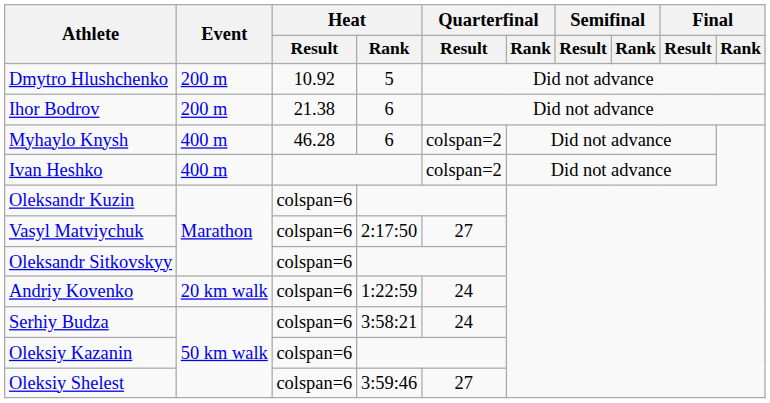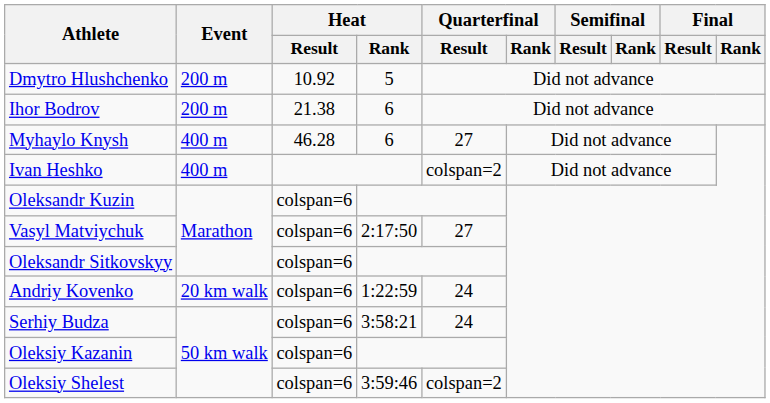 <table class=wikitable style="font-size:90%">
 <tr>
 <th rowspan="2">Athlete</th>
 <th rowspan="2">Event</th>
 <th colspan="2">Heat</th>
 <th colspan="2">Quarterfinal</th>
 <th colspan="2">Semifinal</th>
 <th colspan="2">Final</th>
 </tr>
 <tr style="font-size:95%">
 <th>Result</th>
 <th>Rank</th>
 <th>Result</th>
 <th>Rank</th>
 <th>Result</th>
 <th>Rank</th>
 <th>Result</th>
 <th>Rank</th>
 </tr>
 <tr align=center>
 <td align=left><a href='#'>Dmytro Hlushchenko</a></td>
 <td align=left><a href='#'>200 m</a></td>
 <td>10.92</td>
 <td>5</td>
 <td colspan=6>Did not advance</td>
 </tr>
 <tr align=center>
 <td align=left><a href='#'>Ihor Bodrov</a></td>
 <td align=left><a href='#'>200 m</a></td>
 <td>21.38</td>
 <td>6</td>
 <td colspan=6>Did not advance</td>
 </tr>
 <tr align=center>
 <td align=left><a href='#'>Myhaylo Knysh</a></td>
 <td align=left><a href='#'>400 m</a></td>
 <td>46.28</td>
 <td>6</td>
-<td>colspan=2 </td>
+<td>27</td>
 <td colspan=4>Did not advance</td>
 </tr>
 <tr align=center>
 <td align=left><a href='#'>Ivan Heshko</a></td>
 <td align=left><a href='#'>400 m</a></td>
 <td colspan=2></td>
 <td>colspan=2 </td>
 <td colspan=4>Did not advance</td>
 </tr>
 <tr align=center>
 <td align=left><a href='#'>Oleksandr Kuzin</a></td>
 <td align=left rowspan=3><a href='#'>Marathon</a></td>
 <td>colspan=6 </td>
 <td colspan=2></td>
 </tr>
 <tr align=center>
 <td align=left><a href='#'>Vasyl Matviychuk</a></td>
 <td>colspan=6 </td>
 <td>2:17:50</td>
 <td>27</td>
 </tr>
 <tr align=center>
 <td align=left><a href='#'>Oleksandr Sitkovskyy</a></td>
 <td>colspan=6 </td>
 <td colspan=2></td>
 </tr>
 <tr align=center>
 <td align=left><a href='#'>Andriy Kovenko</a></td>
 <td align=left><a href='#'>20 km walk</a></td>
 <td>colspan=6 </td>
 <td>1:22:59</td>
 <td>24</td>
 </tr>
 <tr align=center>
 <td align=left><a href='#'>Serhiy Budza</a></td>
 <td align=left rowspan=3><a href='#'>50 km walk</a></td>
 <td>colspan=6 </td>
 <td>3:58:21</td>
 <td>24</td>
 </tr>
 <tr align=center>
 <td align=left><a href='#'>Oleksiy Kazanin</a></td>
 <td>colspan=6 </td>
 <td colspan=2></td>
 </tr>
 <tr align=center>
 <td align=left><a href='#'>Oleksiy Shelest</a></td>
 <td>colspan=6 </td>
 <td>3:59:46</td>
-<td>27</td>
+<td>colspan=2 </td>
 </tr>
 </table>
